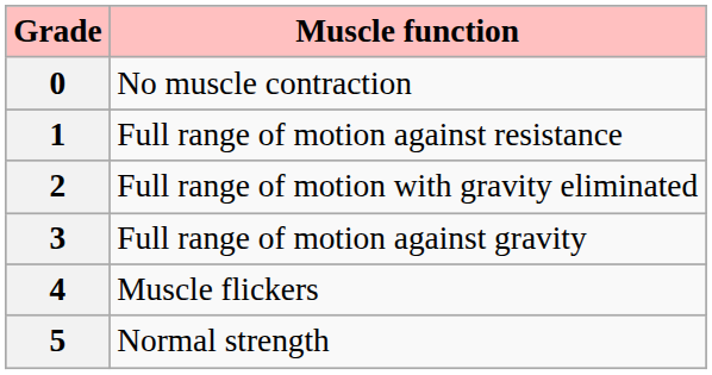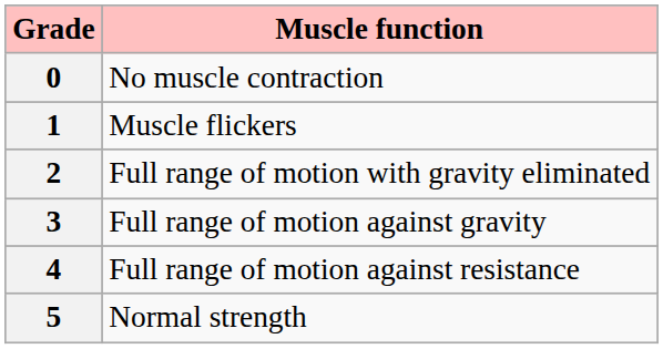 <table class="wikitable floatright">
 <tr>
 <th style="text-align:center;background-color:#ffc0c0;">Grade</th>
 <th style="text-align:center;background-color:#ffc0c0;">Muscle function</th>
 </tr>
 <tr>
 <th>0</th>
 <td>No muscle contraction</td>
 </tr>
 <tr>
 <th>1</th>
-<td>Full range of motion against resistance</td>
+<td>Muscle flickers</td>
 </tr>
 <tr>
 <th>2</th>
 <td>Full range of motion with gravity eliminated</td>
 </tr>
 <tr>
 <th>3</th>
 <td>Full range of motion against gravity</td>
 </tr>
 <tr>
 <th>4</th>
-<td>Muscle flickers</td>
+<td>Full range of motion against resistance</td>
 </tr>
 <tr>
 <th>5</th>
 <td>Normal strength</td>
 </tr>
 </table>
